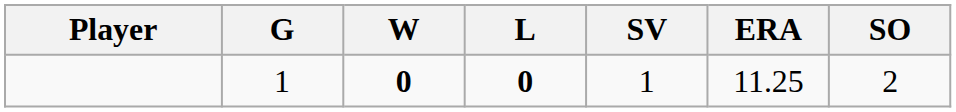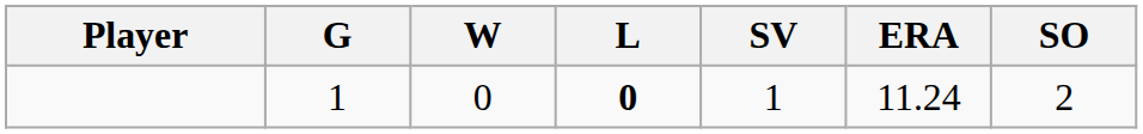 <table class="wikitable sortable">
 <tr>
 <th bgcolor="#DDDDFF" width="16%">Player</th>
 <th bgcolor="#DDDDFF" width="9%">G</th>
 <th bgcolor="#DDDDFF" width="9%">W</th>
 <th bgcolor="#DDDDFF" width="9%">L</th>
 <th bgcolor="#DDDDFF" width="9%">SV</th>
 <th bgcolor="#DDDDFF" width="9%">ERA</th>
 <th bgcolor="#DDDDFF" width="9%">SO</th>
 </tr>
 <tr align="center">
 <td></td>
 <td>1</td>
-<td><strong>0</strong></td>
+<td>0</td>
 <td><strong>0</strong></td>
 <td>1</td>
-<td>11.25</td>
+<td>11.24</td>
 <td>2</td>
 </tr>
 </table>
